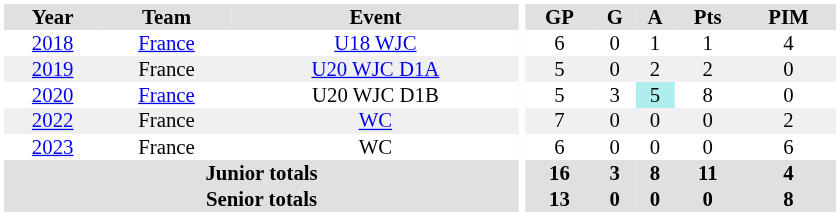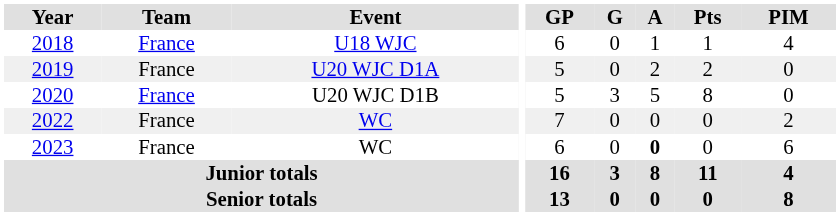 <table border="0" cellpadding="1" cellspacing="0" ID="Table3" style="text-align:center; width:40em;">
 <tr bgcolor="#e0e0e0">
 <th>Year</th>
 <th>Team</th>
 <th>Event</th>
 <th rowspan="102" bgcolor="#ffffff"></th>
 <th>GP</th>
 <th>G</th>
 <th>A</th>
 <th>Pts</th>
 <th>PIM</th>
 </tr>
 <tr>
 <td><a href='#'>2018</a></td>
 <td><a href='#'>France</a></td>
 <td><a href='#'>U18 WJC</a></td>
 <td>6</td>
 <td>0</td>
 <td>1</td>
 <td>1</td>
 <td>4</td>
 </tr>
 <tr bgcolor="#f0f0f0">
 <td><a href='#'>2019</a></td>
 <td>France</td>
 <td><a href='#'>U20 WJC D1A</a></td>
 <td>5</td>
 <td>0</td>
 <td>2</td>
 <td>2</td>
 <td>0</td>
 </tr>
 <tr>
 <td><a href='#'>2020</a></td>
 <td><a href='#'>France</a></td>
 <td>U20 WJC D1B</td>
 <td>5</td>
 <td>3</td>
-<td style="background: paleturquoise;">5</td>
+<td>5</td>
 <td>8</td>
 <td>0</td>
 </tr>
 <tr bgcolor="#f0f0f0">
 <td><a href='#'>2022</a></td>
 <td>France</td>
 <td><a href='#'>WC</a></td>
 <td>7</td>
 <td>0</td>
 <td>0</td>
 <td>0</td>
 <td>2</td>
 </tr>
 <tr>
 <td><a href='#'>2023</a></td>
 <td>France</td>
 <td>WC</td>
 <td>6</td>
 <td>0</td>
-<td>0</td>
+<td><strong>0</strong></td>
 <td>0</td>
 <td>6</td>
 </tr>
 <tr bgcolor="#e0e0e0">
 <th colspan="3">Junior totals</th>
 <th>16</th>
 <th>3</th>
 <th>8</th>
 <th>11</th>
 <th>4</th>
 </tr>
 <tr bgcolor="#e0e0e0">
 <th colspan="3">Senior totals</th>
 <th>13</th>
 <th>0</th>
 <th>0</th>
 <th>0</th>
 <th>8</th>
 </tr>
 </table>
